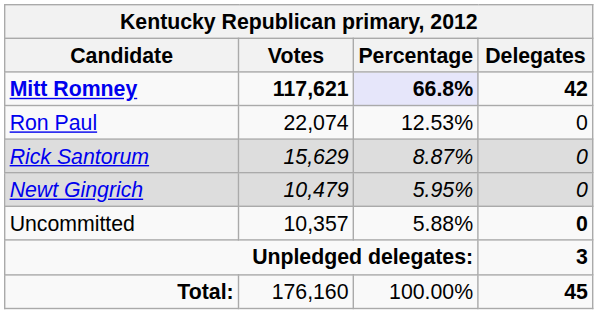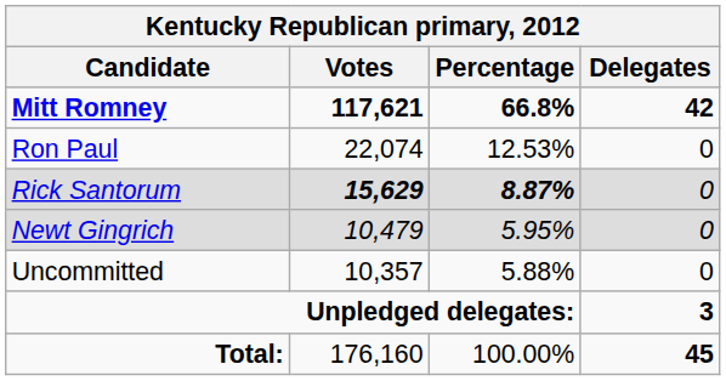 <table class="wikitable" style="font-size:95%;">
 <tr>
 <th colspan="4">Kentucky Republican primary, 2012</th>
 </tr>
 <tr>
 <th style="width:160px;">Candidate</th>
 <th style="width:75px;">Votes</th>
 <th style="width:75px;">Percentage</th>
 <th style="width:75px;">Delegates</th>
 </tr>
 <tr align="right" >
 <td style="text-align:left;"> <strong><a href='#'>Mitt Romney</a></strong></td>
 <td><strong>117,621</strong></td>
-<td style="background: lavender;"><strong>66.8%</strong></td>
+<td><strong>66.8%</strong></td>
 <td><strong>42</strong></td>
 </tr>
 <tr style="text-align:right;">
 <td style="text-align:left;"><a href='#'>Ron Paul</a></td>
 <td>22,074</td>
 <td>12.53%</td>
 <td>0</td>
 </tr>
 <tr style="text-align:right; background:#ddd;">
 <td style="text-align:left;"><em><a href='#'>Rick Santorum</a></em></td>
-<td><em>15,629</em></td>
-<td><em>8.87%</em></td>
+<td><strong><em>15,629</em></strong></td>
+<td><strong><em>8.87%</em></strong></td>
 <td><em>0</em></td>
 </tr>
 <tr style="text-align:right; background:#ddd;">
 <td style="text-align:left;"><em><a href='#'>Newt Gingrich</a></em></td>
 <td><em>10,479</em></td>
 <td><em>5.95%</em></td>
 <td><em>0</em></td>
 </tr>
 <tr style="text-align:right;">
 <td style="text-align:left;">Uncommitted</td>
 <td>10,357</td>
 <td>5.88%</td>
-<td><strong>0</strong></td>
+<td>0</td>
 </tr>
 <tr style="text-align:right;">
 <td colspan="3"><strong>Unpledged delegates:</strong></td>
 <td><strong>3</strong></td>
 </tr>
 <tr style="text-align:right;">
 <td><strong>Total:</strong></td>
 <td>176,160</td>
 <td>100.00%</td>
 <td><strong>45</strong></td>
 </tr>
 </table>
